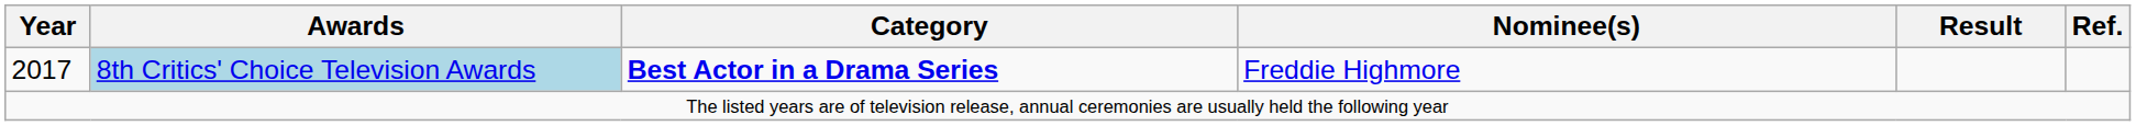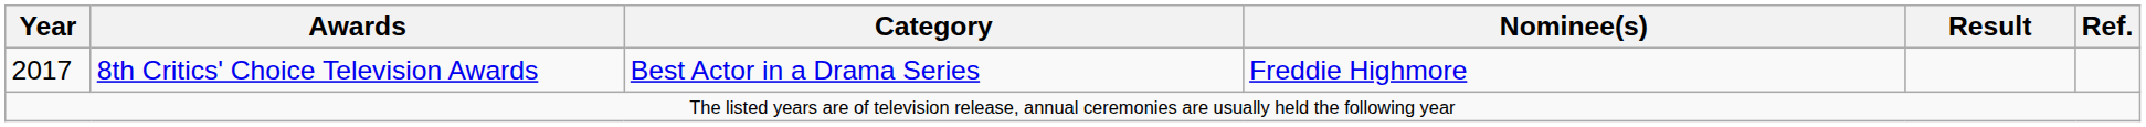 <table class="wikitable">
 <tr>
 <th width=4%>Year</th>
 <th width=25%>Awards</th>
 <th width=29%>Category</th>
 <th width=31%>Nominee(s)</th>
 <th width=8%>Result</th>
 <th width=3% class=unsortable>Ref.</th>
 </tr>
 <tr>
 <td>2017</td>
-<td style="background: lightblue;"><a href='#'>8th Critics' Choice Television Awards</a></td>
-<td><strong><a href='#'>Best Actor in a Drama Series</a></strong></td>
+<td><a href='#'>8th Critics' Choice Television Awards</a></td>
+<td><a href='#'>Best Actor in a Drama Series</a></td>
 <td><a href='#'>Freddie Highmore</a></td>
 <td></td>
 <td></td>
 </tr>
 <tr>
 <td width=100% colspan=6 style=font-size:8pt align=center>The listed years are of television release, annual ceremonies are usually held the following year</td>
 </tr>
 </table>
